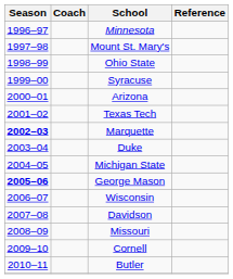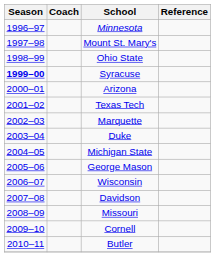 <table class="wikitable sortable" style="text-align:center;">
 <tr>
 <th>Season</th>
 <th>Coach</th>
 <th>School</th>
 <th class="unsortable">Reference</th>
 </tr>
 <tr align="center">
 <td><a href='#'>1996–97</a></td>
 <td><em></em></td>
 <td><em><a href='#'>Minnesota</a></em></td>
 <td></td>
 </tr>
 <tr align="center">
 <td><a href='#'>1997–98</a></td>
 <td></td>
 <td><a href='#'>Mount St. Mary's</a></td>
 <td></td>
 </tr>
 <tr align="center">
 <td><a href='#'>1998–99</a></td>
 <td></td>
 <td><a href='#'>Ohio State</a></td>
 <td></td>
 </tr>
 <tr align="center">
-<td><a href='#'>1999–00</a></td>
+<td><strong><a href='#'>1999–00</a></strong></td>
 <td></td>
 <td><a href='#'>Syracuse</a></td>
 <td></td>
 </tr>
 <tr align="center">
 <td><a href='#'>2000–01</a></td>
 <td></td>
 <td><a href='#'>Arizona</a></td>
 <td></td>
 </tr>
 <tr align="center">
 <td><a href='#'>2001–02</a></td>
 <td></td>
 <td><a href='#'>Texas Tech</a></td>
 <td></td>
 </tr>
 <tr align="center">
-<td><strong><a href='#'>2002–03</a></strong></td>
+<td><a href='#'>2002–03</a></td>
 <td></td>
 <td><a href='#'>Marquette</a></td>
 <td></td>
 </tr>
 <tr align="center">
 <td><a href='#'>2003–04</a></td>
 <td></td>
 <td><a href='#'>Duke</a></td>
 <td></td>
 </tr>
 <tr align="center">
 <td><a href='#'>2004–05</a></td>
 <td></td>
 <td><a href='#'>Michigan State</a></td>
 <td></td>
 </tr>
 <tr align="center">
-<td><strong><a href='#'>2005–06</a></strong></td>
+<td><a href='#'>2005–06</a></td>
 <td></td>
 <td><a href='#'>George Mason</a></td>
 <td></td>
 </tr>
 <tr align="center">
 <td><a href='#'>2006–07</a></td>
 <td></td>
 <td><a href='#'>Wisconsin</a></td>
 <td></td>
 </tr>
 <tr align="center">
 <td><a href='#'>2007–08</a></td>
 <td></td>
 <td><a href='#'>Davidson</a></td>
 <td></td>
 </tr>
 <tr align="center">
 <td><a href='#'>2008–09</a></td>
 <td></td>
 <td><a href='#'>Missouri</a></td>
 <td></td>
 </tr>
 <tr align="center">
 <td><a href='#'>2009–10</a></td>
 <td></td>
 <td><a href='#'>Cornell</a></td>
 <td></td>
 </tr>
 <tr align="center">
 <td><a href='#'>2010–11</a></td>
 <td></td>
 <td><a href='#'>Butler</a></td>
 <td></td>
 </tr>
 <tr>
 </tr>
 </table>
